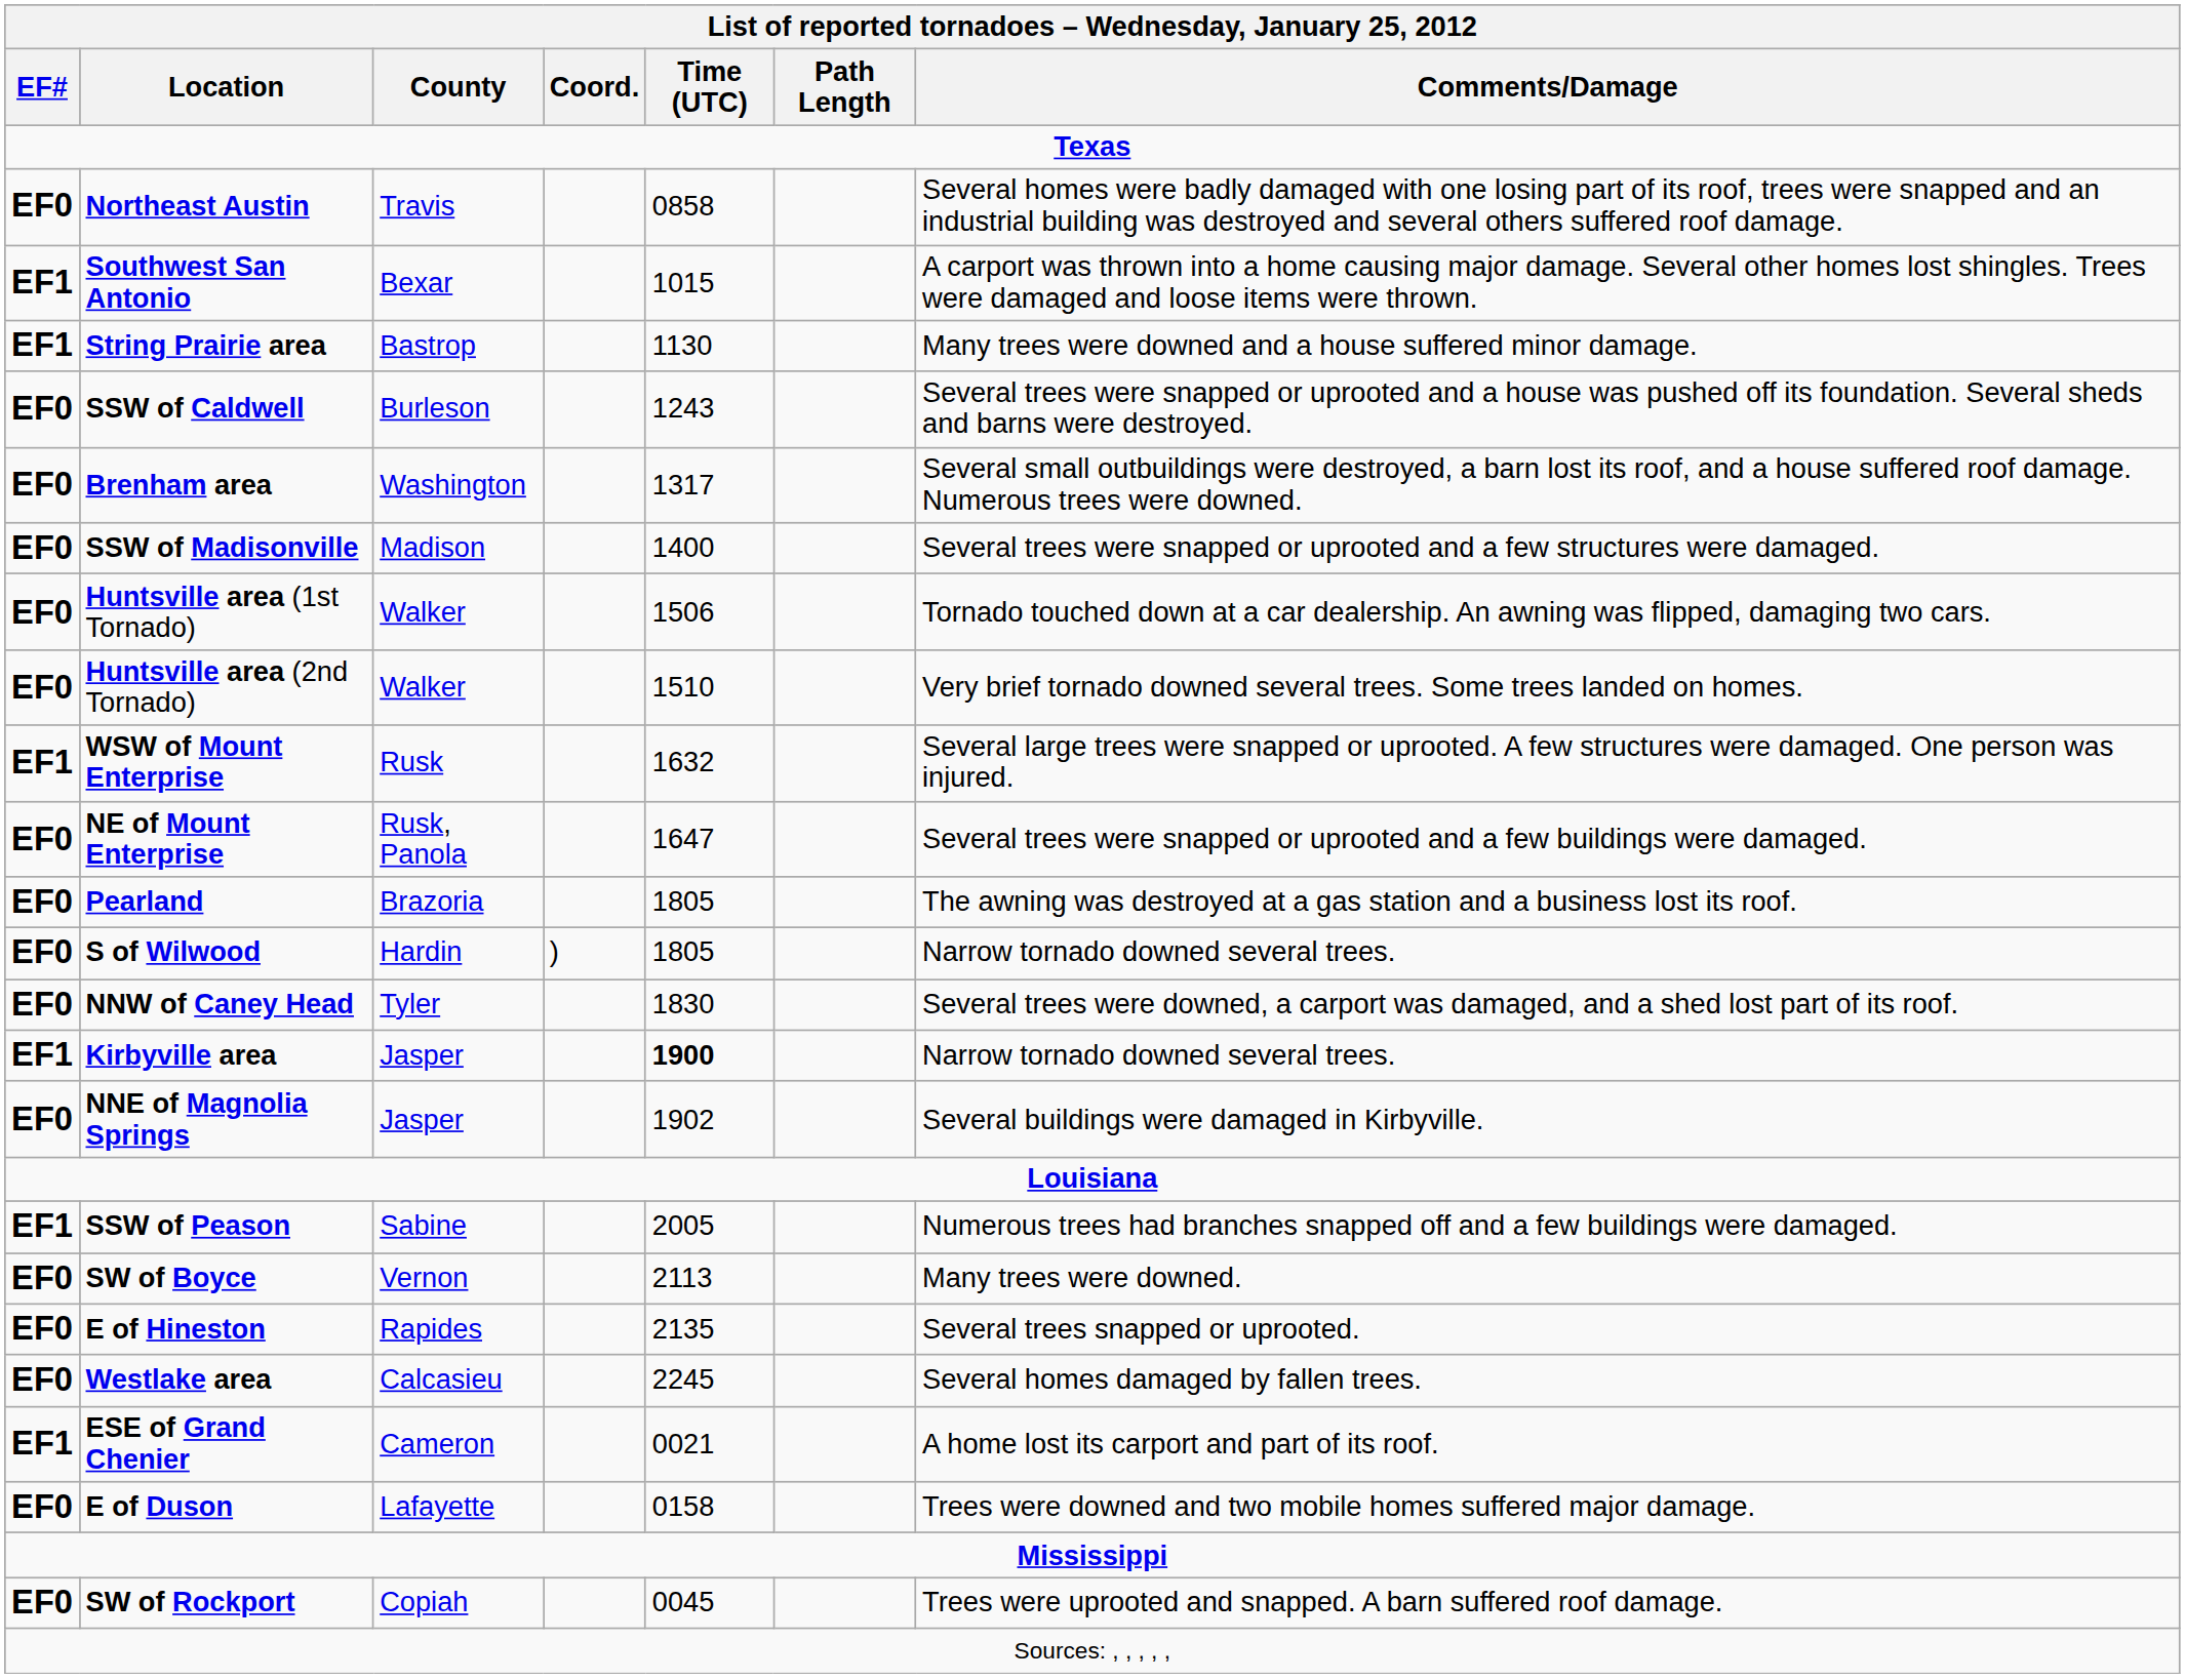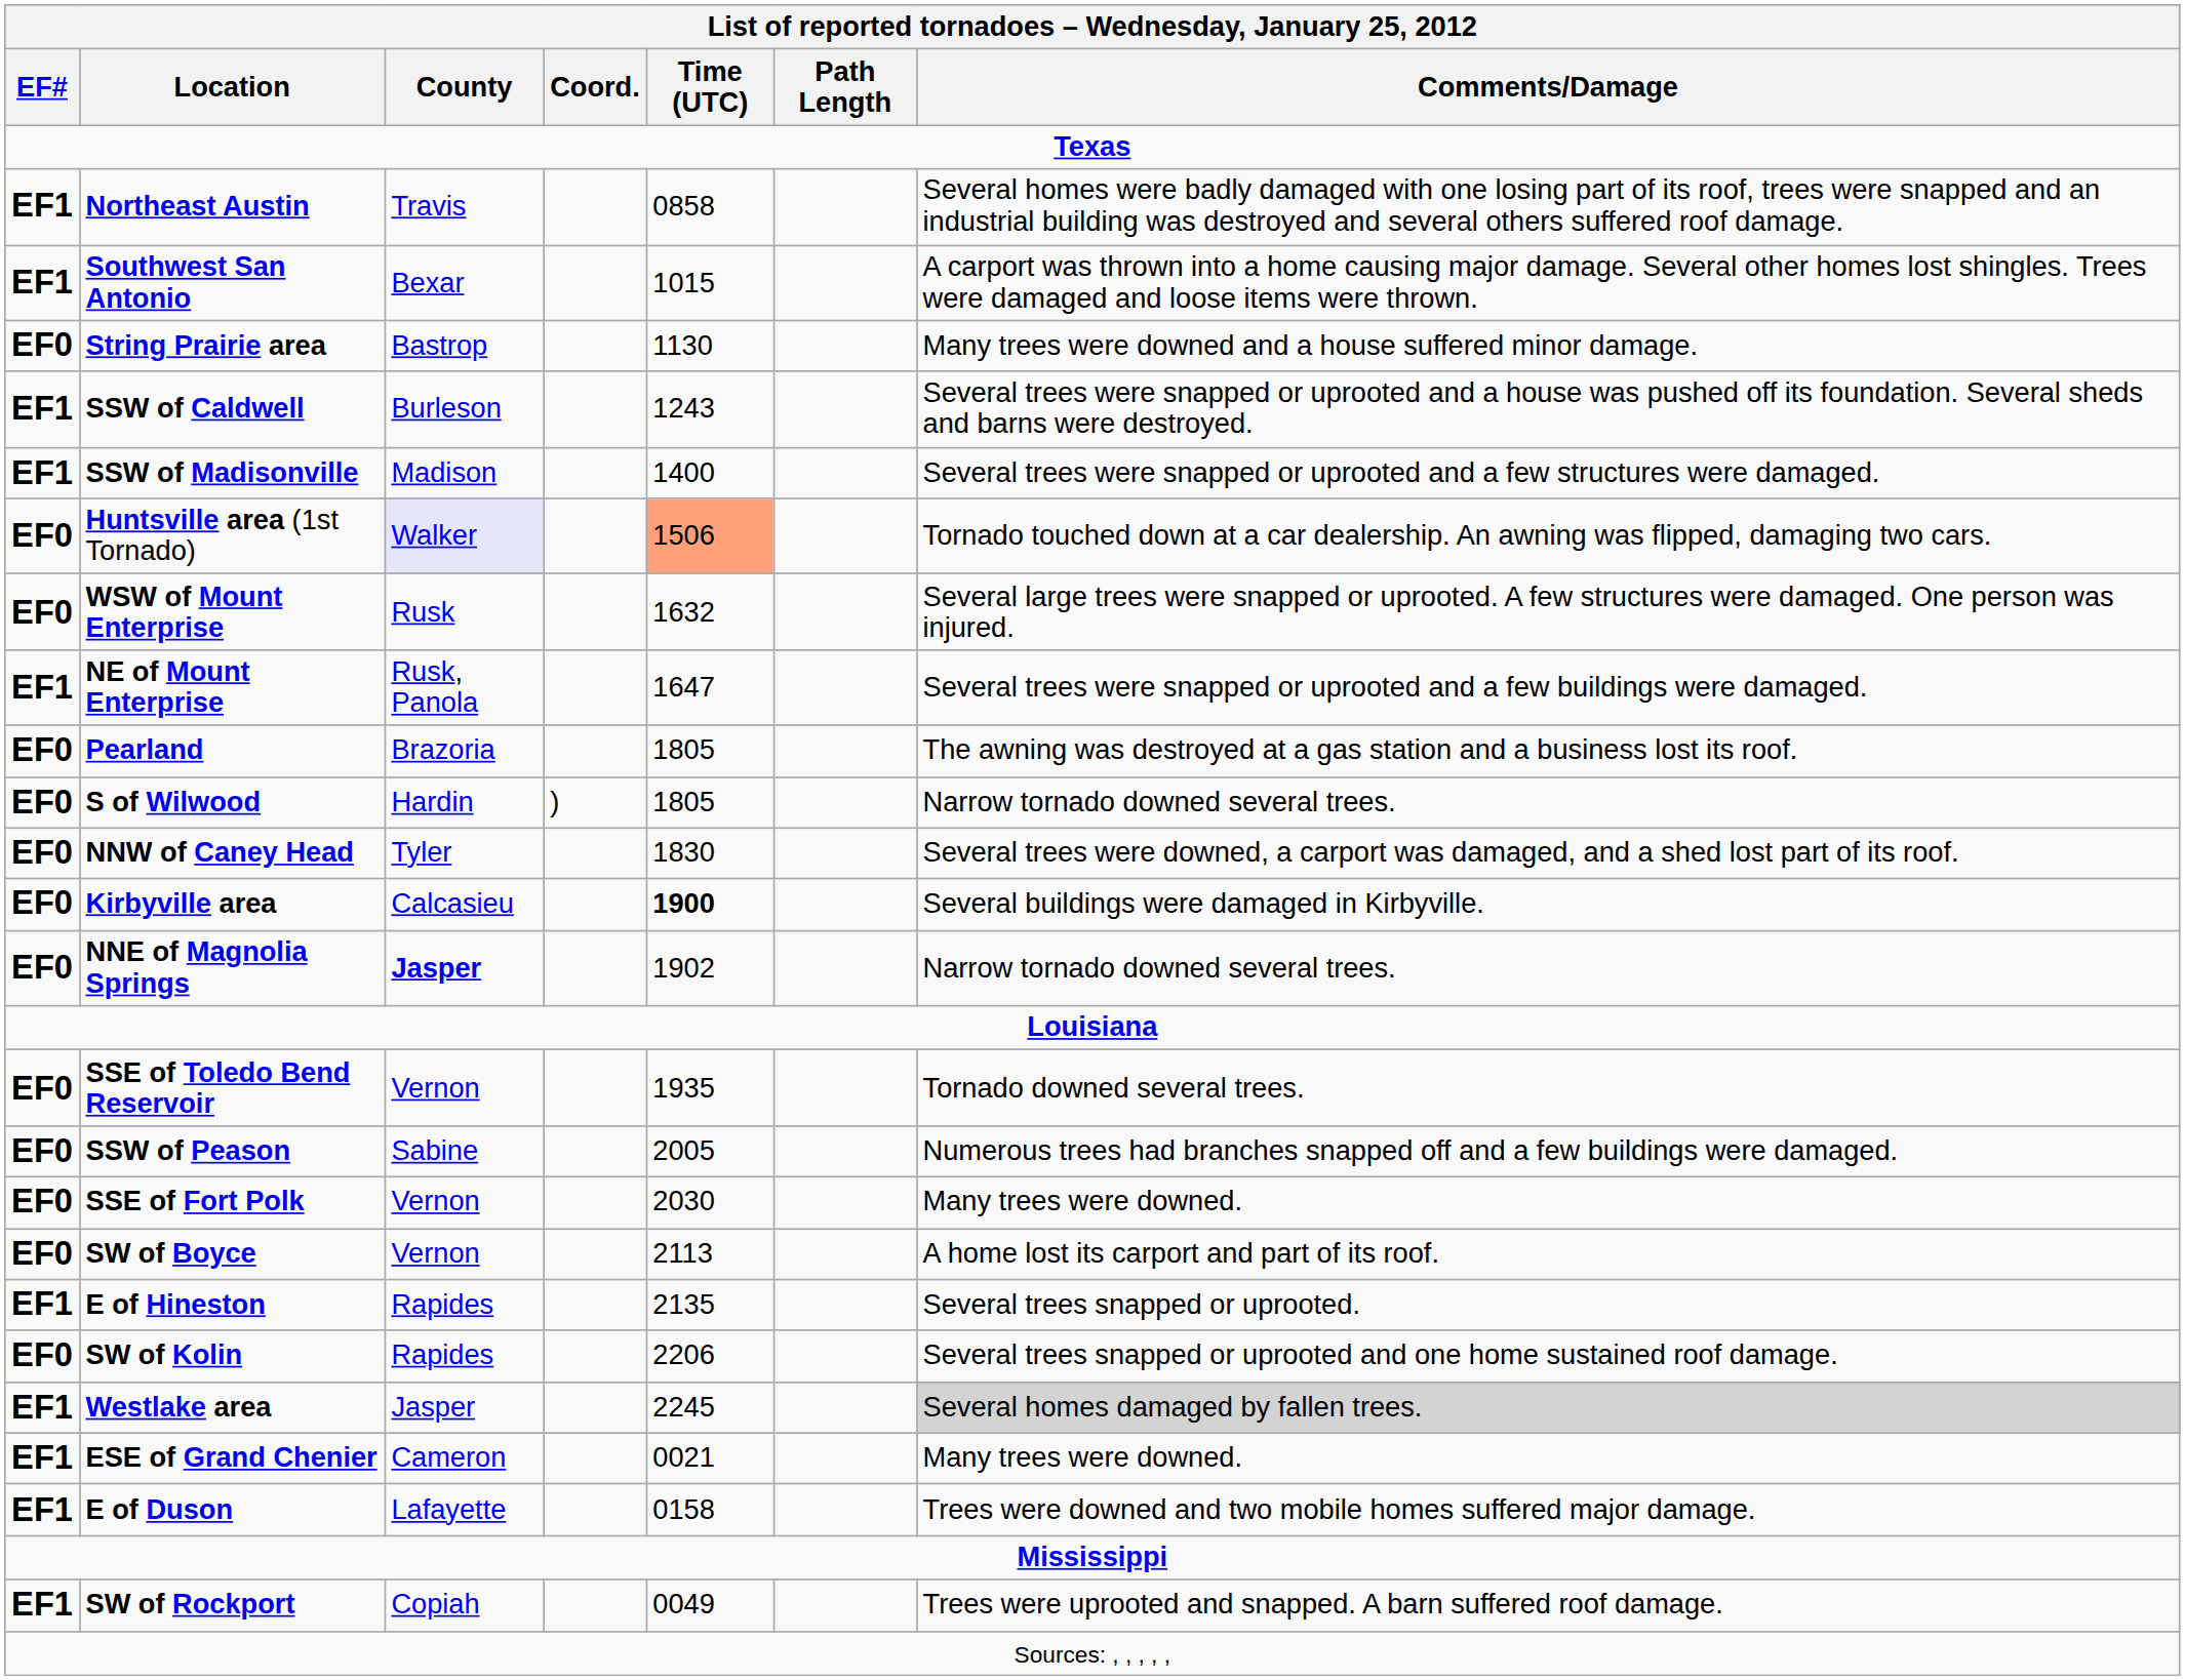 <table class="wikitable collapsible" width"100%">
 <tr>
 <th colspan="7">List of reported tornadoes – Wednesday, January 25, 2012</th>
 </tr>
 <tr>
 <th><a href='#'>EF#</a></th>
 <th>Location</th>
 <th>County</th>
 <th>Coord.</th>
 <th>Time (UTC)</th>
 <th>Path Length</th>
 <th>Comments/Damage</th>
 </tr>
 <tr>
 <td colspan="7" style="text-align:center;"><strong><a href='#'>Texas</a></strong></td>
 </tr>
 <tr>
-<td><big><strong>EF0</strong></big></td>
+<td><big><strong>EF1</strong></big></td>
 <td><strong><a href='#'>Northeast Austin</a></strong></td>
 <td><a href='#'>Travis</a></td>
 <td></td>
 <td>0858</td>
 <td></td>
 <td>Several homes were badly damaged with one losing part of its roof, trees were snapped and an industrial building was destroyed and several others suffered roof damage.</td>
 </tr>
 <tr>
 <td><big><strong>EF1</strong></big></td>
 <td><strong><a href='#'>Southwest San Antonio</a></strong></td>
 <td><a href='#'>Bexar</a></td>
 <td></td>
 <td>1015</td>
 <td></td>
 <td>A carport was thrown into a home causing major damage. Several other homes lost shingles. Trees were damaged and loose items were thrown.</td>
 </tr>
 <tr>
-<td><big><strong>EF1</strong></big></td>
+<td><big><strong>EF0</strong></big></td>
 <td><strong><a href='#'>String Prairie</a> area</strong></td>
 <td><a href='#'>Bastrop</a></td>
 <td></td>
 <td>1130</td>
 <td></td>
 <td>Many trees were downed and a house suffered minor damage.</td>
 </tr>
 <tr>
-<td><big><strong>EF0</strong></big></td>
+<td><big><strong>EF1</strong></big></td>
 <td><strong>SSW of <a href='#'>Caldwell</a></strong></td>
 <td><a href='#'>Burleson</a></td>
 <td></td>
 <td>1243</td>
 <td></td>
 <td>Several trees were snapped or uprooted and a house was pushed off its foundation. Several sheds and barns were destroyed.</td>
 </tr>
 <tr>
-<td><big><strong>EF0</strong></big></td>
-<td><strong><a href='#'>Brenham</a> area</strong></td>
-<td><a href='#'>Washington</a></td>
-<td></td>
-<td>1317</td>
-<td></td>
-<td>Several small outbuildings were destroyed, a barn lost its roof, and a house suffered roof damage. Numerous trees were downed.</td>
-</tr>
-<tr>
-<td><big><strong>EF0</strong></big></td>
+<td><big><strong>EF1</strong></big></td>
 <td><strong>SSW of <a href='#'>Madisonville</a></strong></td>
 <td><a href='#'>Madison</a></td>
 <td></td>
 <td>1400</td>
 <td></td>
 <td>Several trees were snapped or uprooted and a few structures were damaged.</td>
 </tr>
 <tr>
 <td><big><strong>EF0</strong></big></td>
 <td><strong><a href='#'>Huntsville</a> area</strong> (1st Tornado)</td>
-<td><a href='#'>Walker</a></td>
+<td style="background: lavender;"><a href='#'>Walker</a></td>
 <td></td>
-<td>1506</td>
+<td style="background: lightsalmon;">1506</td>
 <td></td>
 <td>Tornado touched down at a car dealership. An awning was flipped, damaging two cars.</td>
 </tr>
 <tr>
 <td><big><strong>EF0</strong></big></td>
-<td><strong><a href='#'>Huntsville</a> area</strong> (2nd Tornado)</td>
-<td><a href='#'>Walker</a></td>
-<td></td>
-<td>1510</td>
-<td></td>
-<td>Very brief tornado downed several trees. Some trees landed on homes.</td>
-</tr>
-<tr>
-<td><big><strong>EF1</strong></big></td>
 <td><strong>WSW of <a href='#'>Mount Enterprise</a></strong></td>
 <td><a href='#'>Rusk</a></td>
 <td></td>
 <td>1632</td>
 <td></td>
 <td>Several large trees were snapped or uprooted. A few structures were damaged. One person was injured.</td>
 </tr>
 <tr>
-<td><big><strong>EF0</strong></big></td>
+<td><big><strong>EF1</strong></big></td>
 <td><strong>NE of <a href='#'>Mount Enterprise</a></strong></td>
 <td><a href='#'>Rusk</a>, <a href='#'>Panola</a></td>
 <td></td>
 <td>1647</td>
 <td></td>
 <td>Several trees were snapped or uprooted and a few buildings were damaged.</td>
 </tr>
 <tr>
 <td><big><strong>EF0</strong></big></td>
 <td><strong><a href='#'>Pearland</a></strong></td>
 <td><a href='#'>Brazoria</a></td>
 <td></td>
 <td>1805</td>
 <td></td>
 <td>The awning was destroyed at a gas station and a business lost its roof.</td>
 </tr>
 <tr>
 <td><big><strong>EF0</strong></big></td>
 <td><strong>S of <a href='#'>Wilwood</a></strong></td>
 <td><a href='#'>Hardin</a></td>
 <td>)</td>
 <td>1805</td>
 <td></td>
 <td>Narrow tornado downed several trees.</td>
 </tr>
 <tr>
 <td><big><strong>EF0</strong></big></td>
 <td><strong>NNW of <a href='#'>Caney Head</a></strong></td>
 <td><a href='#'>Tyler</a></td>
 <td></td>
 <td>1830</td>
 <td></td>
 <td>Several trees were downed, a carport was damaged, and a shed lost part of its roof.</td>
 </tr>
 <tr>
-<td><big><strong>EF1</strong></big></td>
+<td><big><strong>EF0</strong></big></td>
 <td><strong><a href='#'>Kirbyville</a> area</strong></td>
-<td><a href='#'>Jasper</a></td>
+<td><a href='#'>Calcasieu</a></td>
 <td></td>
 <td><strong>1900</strong></td>
 <td></td>
-<td>Narrow tornado downed several trees.</td>
+<td>Several buildings were damaged in Kirbyville.</td>
 </tr>
 <tr>
 <td><big><strong>EF0</strong></big></td>
 <td><strong>NNE of <a href='#'>Magnolia Springs</a></strong></td>
-<td><a href='#'>Jasper</a></td>
+<td><strong><a href='#'>Jasper</a></strong></td>
 <td></td>
 <td>1902</td>
 <td></td>
-<td>Several buildings were damaged in Kirbyville.</td>
+<td>Narrow tornado downed several trees.</td>
 </tr>
 <tr>
 <td colspan="7" style="text-align:center;"><strong><a href='#'>Louisiana</a></strong></td>
 </tr>
 <tr>
-<td><big><strong>EF1</strong></big></td>
+<td><big><strong>EF0</strong></big></td>
+<td><strong>SSE of <a href='#'>Toledo Bend Reservoir</a></strong></td>
+<td><a href='#'>Vernon</a></td>
+<td></td>
+<td>1935</td>
+<td></td>
+<td>Tornado downed several trees.</td>
+</tr>
+<tr>
+<td><big><strong>EF0</strong></big></td>
 <td><strong>SSW of <a href='#'>Peason</a></strong></td>
 <td><a href='#'>Sabine</a></td>
 <td></td>
 <td>2005</td>
 <td></td>
 <td>Numerous trees had branches snapped off and a few buildings were damaged.</td>
 </tr>
 <tr>
 <td><big><strong>EF0</strong></big></td>
+<td><strong>SSE of <a href='#'>Fort Polk</a></strong></td>
+<td><a href='#'>Vernon</a></td>
+<td></td>
+<td>2030</td>
+<td></td>
+<td>Many trees were downed.</td>
+</tr>
+<tr>
+<td><big><strong>EF0</strong></big></td>
 <td><strong>SW of <a href='#'>Boyce</a></strong></td>
 <td><a href='#'>Vernon</a></td>
 <td></td>
 <td>2113</td>
 <td></td>
-<td>Many trees were downed.</td>
+<td>A home lost its carport and part of its roof.</td>
 </tr>
 <tr>
-<td><big><strong>EF0</strong></big></td>
+<td><big><strong>EF1</strong></big></td>
 <td><strong>E of <a href='#'>Hineston</a></strong></td>
 <td><a href='#'>Rapides</a></td>
 <td></td>
 <td>2135</td>
 <td></td>
 <td>Several trees snapped or uprooted.</td>
 </tr>
 <tr>
 <td><big><strong>EF0</strong></big></td>
+<td><strong>SW of <a href='#'>Kolin</a></strong></td>
+<td><a href='#'>Rapides</a></td>
+<td></td>
+<td>2206</td>
+<td></td>
+<td>Several trees snapped or uprooted and one home sustained roof damage.</td>
+</tr>
+<tr>
+<td><big><strong>EF1</strong></big></td>
 <td><strong><a href='#'>Westlake</a> area</strong></td>
-<td><a href='#'>Calcasieu</a></td>
+<td><a href='#'>Jasper</a></td>
 <td></td>
 <td>2245</td>
 <td></td>
-<td>Several homes damaged by fallen trees.</td>
+<td style="background: lightgrey;">Several homes damaged by fallen trees.</td>
 </tr>
 <tr>
 <td><big><strong>EF1</strong></big></td>
 <td><strong>ESE of <a href='#'>Grand Chenier</a></strong></td>
 <td><a href='#'>Cameron</a></td>
 <td></td>
 <td>0021</td>
 <td></td>
-<td>A home lost its carport and part of its roof.</td>
+<td>Many trees were downed.</td>
 </tr>
 <tr>
-<td><big><strong>EF0</strong></big></td>
+<td><big><strong>EF1</strong></big></td>
 <td><strong>E of <a href='#'>Duson</a></strong></td>
 <td><a href='#'>Lafayette</a></td>
 <td></td>
 <td>0158</td>
 <td></td>
 <td>Trees were downed and two mobile homes suffered major damage.</td>
 </tr>
 <tr>
 <td colspan="7" style="text-align:center;"><strong><a href='#'>Mississippi</a></strong></td>
 </tr>
 <tr>
-<td><big><strong>EF0</strong></big></td>
+<td><big><strong>EF1</strong></big></td>
 <td><strong>SW of <a href='#'>Rockport</a></strong></td>
 <td><a href='#'>Copiah</a></td>
 <td></td>
-<td>0045</td>
+<td>0049</td>
 <td></td>
 <td>Trees were uprooted and snapped. A barn suffered roof damage.</td>
 </tr>
 <tr>
 <td colspan="7" style="text-align:center;"><small>Sources: , , , ,  , </small></td>
 </tr>
 </table>
